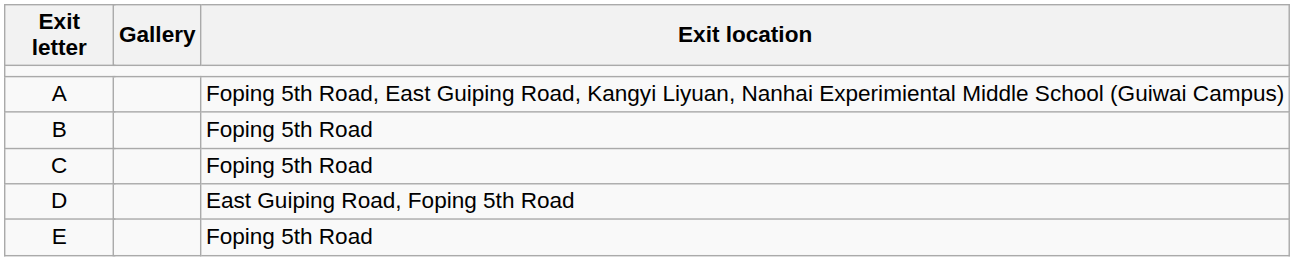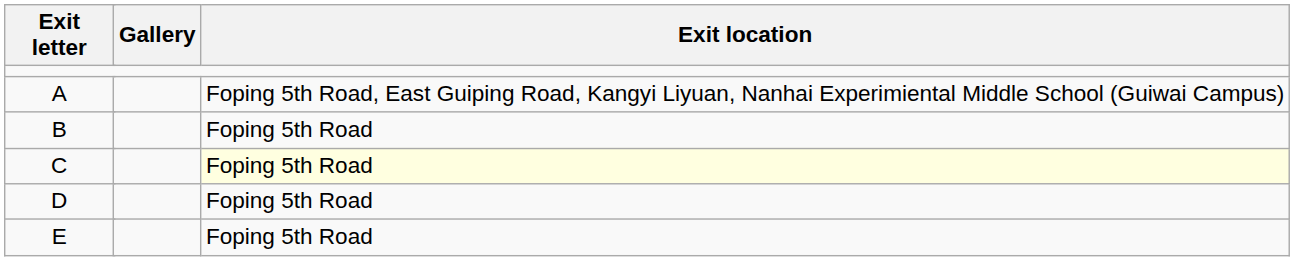 <table class="wikitable">
 <tr>
 <th colspan=2 style="width:70px">Exit letter</th>
 <th>Gallery</th>
 <th>Exit location</th>
 </tr>
 <tr style="background:#">
 <td colspan="4"></td>
 </tr>
 <tr>
 <td colspan=2 align=center>A</td>
 <td></td>
 <td>Foping 5th Road, East Guiping Road, Kangyi Liyuan, Nanhai Experimiental Middle School (Guiwai Campus)</td>
 </tr>
 <tr>
 <td colspan=2 align=center>B</td>
 <td></td>
 <td>Foping 5th Road</td>
 </tr>
 <tr>
 <td colspan=2 align=center>C</td>
 <td></td>
-<td>Foping 5th Road</td>
+<td style="background: lightyellow;">Foping 5th Road</td>
 </tr>
 <tr>
 <td colspan=2 align=center>D</td>
 <td></td>
-<td>East Guiping Road, Foping 5th Road</td>
+<td>Foping 5th Road</td>
 </tr>
 <tr>
 <td colspan=2 align=center>E</td>
 <td></td>
 <td>Foping 5th Road</td>
 </tr>
 </table>
